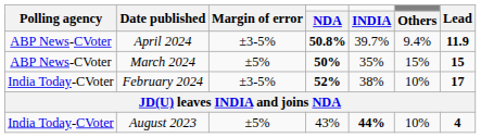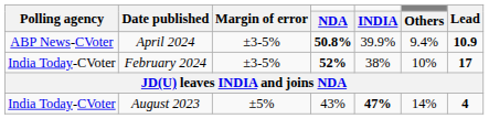 <table class="wikitable sortable" style="text-align:center;font-size:95%;line-height:16px">
 <tr>
 <th rowspan="2">Polling agency</th>
 <th rowspan="2">Date published</th>
 <th rowspan="2">Margin of error</th>
 <td></td>
 <td></td>
 <td bgcolor="grey"></td>
 <th rowspan="2">Lead</th>
 </tr>
 <tr>
 <th><a href='#'>NDA</a></th>
 <th><a href='#'>INDIA</a></th>
 <th>Others</th>
 </tr>
 <tr>
 <td><a href='#'>ABP News</a>-<a href='#'>CVoter</a></td>
 <td><em>April 2024</em></td>
 <td>±3-5%</td>
 <td bgcolor=><strong>50.8%</strong></td>
-<td>39.7%</td>
+<td>39.9%</td>
 <td>9.4%</td>
-<td bgcolor=><strong>11.9</strong></td>
-</tr>
-<tr>
-<td><a href='#'>ABP News</a>-CVoter</td>
-<td><em>March 2024</em></td>
-<td>±5%</td>
-<td bgcolor=><strong>50%</strong></td>
-<td>35%</td>
-<td>15%</td>
-<td bgcolor=><strong>15</strong></td>
+<td bgcolor=><strong>10.9</strong></td>
 </tr>
 <tr>
 <td><a href='#'>India Today</a>-CVoter</td>
 <td><em>February 2024</em></td>
 <td>±3-5%</td>
 <td><strong>52%</strong></td>
 <td>38%</td>
 <td>10%</td>
 <td><strong>17</strong></td>
 </tr>
 <tr>
 <th colspan="7"><a href='#'>JD(U)</a> leaves <a href='#'>INDIA</a> and joins <a href='#'>NDA</a></th>
 </tr>
 <tr>
 <td><a href='#'>India Today</a>-<a href='#'>CVoter</a></td>
 <td><em>August 2023</em></td>
 <td>±5%</td>
 <td>43%</td>
-<td><strong>44%</strong></td>
-<td>10%</td>
+<td><strong>47%</strong></td>
+<td>14%</td>
 <td><strong>4</strong></td>
 </tr>
 </table>
